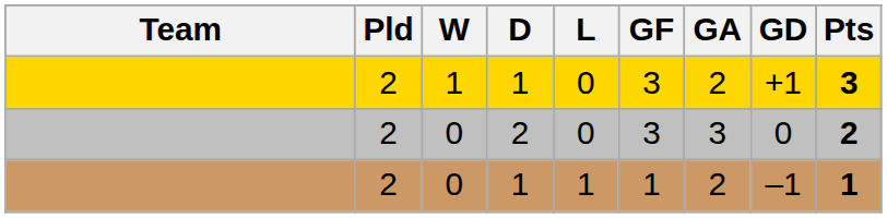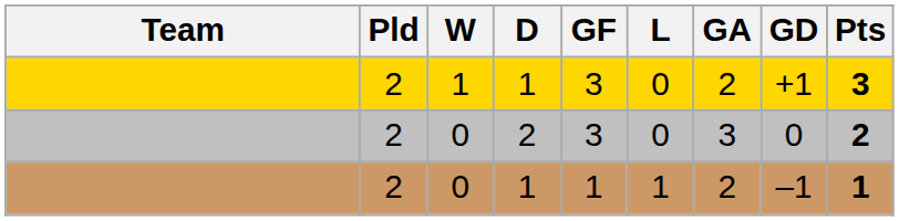 <table class="wikitable" style="text-align: center;">
 <tr>
 <th width=165>Team</th>
 <th width=25>Pld</th>
 <th width=25>W</th>
 <th width=25>D</th>
+<th width=25>GF</th>
 <th width=25>L</th>
-<th width=25>GF</th>
 <th width=25>GA</th>
 <th width=25>GD</th>
 <th width=25>Pts</th>
 </tr>
 <tr bgcolor=gold>
 <td align="left"></td>
 <td>2</td>
 <td>1</td>
 <td>1</td>
+<td>3</td>
 <td>0</td>
-<td>3</td>
 <td>2</td>
 <td>+1</td>
 <td><strong>3</strong></td>
 </tr>
 <tr bgcolor=silver>
 <td align="left"></td>
 <td>2</td>
 <td>0</td>
 <td>2</td>
+<td>3</td>
 <td>0</td>
-<td>3</td>
 <td>3</td>
 <td>0</td>
 <td><strong>2</strong></td>
 </tr>
 <tr bgcolor=#cc9966>
 <td align="left"></td>
 <td>2</td>
 <td>0</td>
 <td>1</td>
 <td>1</td>
 <td>1</td>
 <td>2</td>
 <td>–1</td>
 <td><strong>1</strong></td>
 </tr>
 </table>
